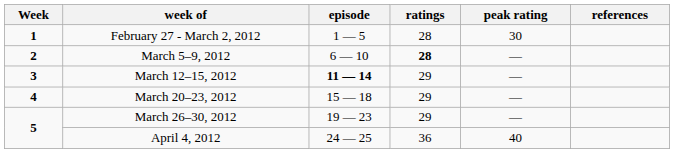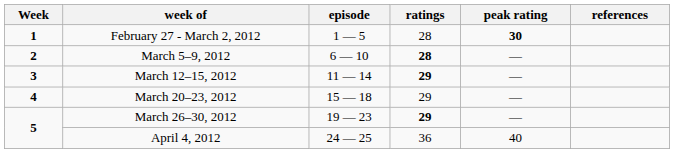 <table class="wikitable" width="65%" style="text-align:center;">
 <tr>
 <th>Week</th>
 <th>week of</th>
 <th>episode</th>
 <th>ratings</th>
 <th>peak rating</th>
 <th>references</th>
 </tr>
 <tr>
 <td><strong>1</strong></td>
 <td>February 27 - March 2, 2012</td>
 <td>1 — 5</td>
 <td>28</td>
-<td>30</td>
+<td><strong>30</strong></td>
 <td></td>
 </tr>
 <tr>
 <td><strong>2</strong></td>
 <td>March 5–9, 2012</td>
 <td>6 — 10</td>
 <td><strong>28</strong></td>
 <td>—</td>
 <td></td>
 </tr>
 <tr>
 <td><strong>3</strong></td>
 <td>March 12–15, 2012</td>
-<td><strong>11 — 14</strong></td>
-<td>29</td>
+<td>11 — 14</td>
+<td><strong>29</strong></td>
 <td>—</td>
 <td></td>
 </tr>
 <tr>
 <td><strong>4</strong></td>
 <td>March 20–23, 2012</td>
 <td>15 — 18</td>
 <td>29</td>
 <td>—</td>
 <td></td>
 </tr>
 <tr>
 <td rowspan=2><strong>5</strong></td>
 <td>March 26–30, 2012</td>
 <td>19 — 23</td>
-<td>29</td>
+<td><strong>29</strong></td>
 <td>—</td>
 <td></td>
 </tr>
 <tr>
 <td>April 4, 2012</td>
 <td>24 — 25</td>
 <td>36</td>
 <td>40</td>
 <td></td>
 </tr>
 </table>
